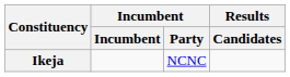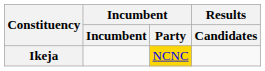 <table class="wikitable sortable">
 <tr>
 <th rowspan="2">Constituency</th>
 <th colspan="2">Incumbent</th>
 <th>Results</th>
 </tr>
 <tr valign="bottom">
 <th>Incumbent</th>
 <th>Party</th>
 <th>Candidates</th>
 </tr>
 <tr>
 <th>Ikeja</th>
 <td></td>
-<td><a href='#'>NCNC</a></td>
+<td style="background: gold;"><a href='#'>NCNC</a></td>
 <td nowrap=""></td>
 </tr>
 </table>
